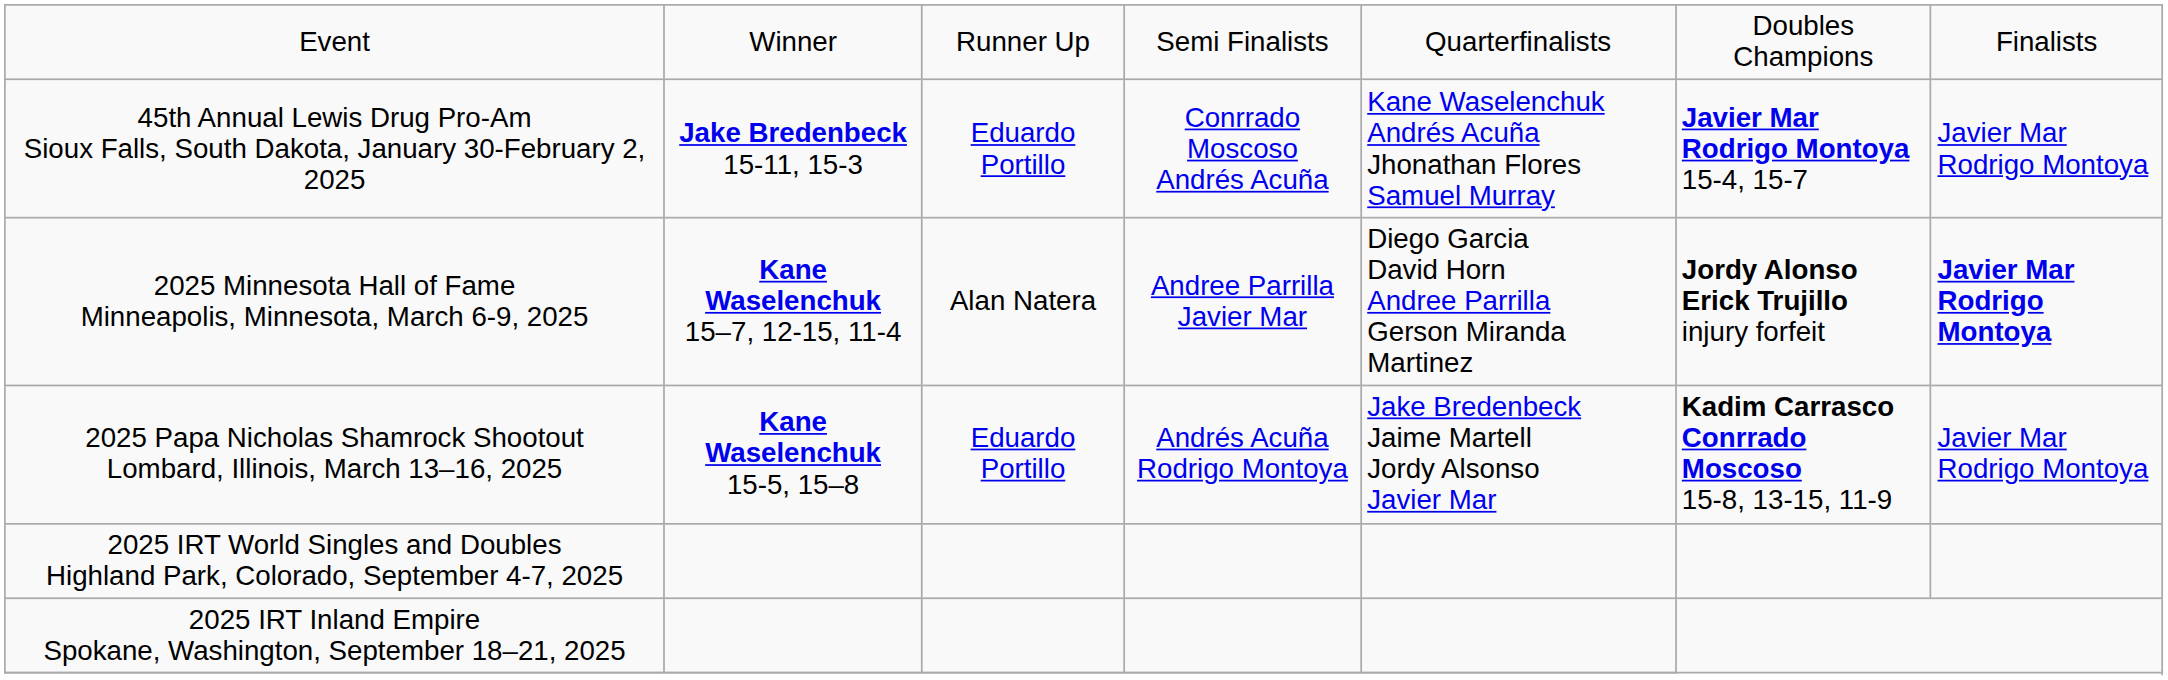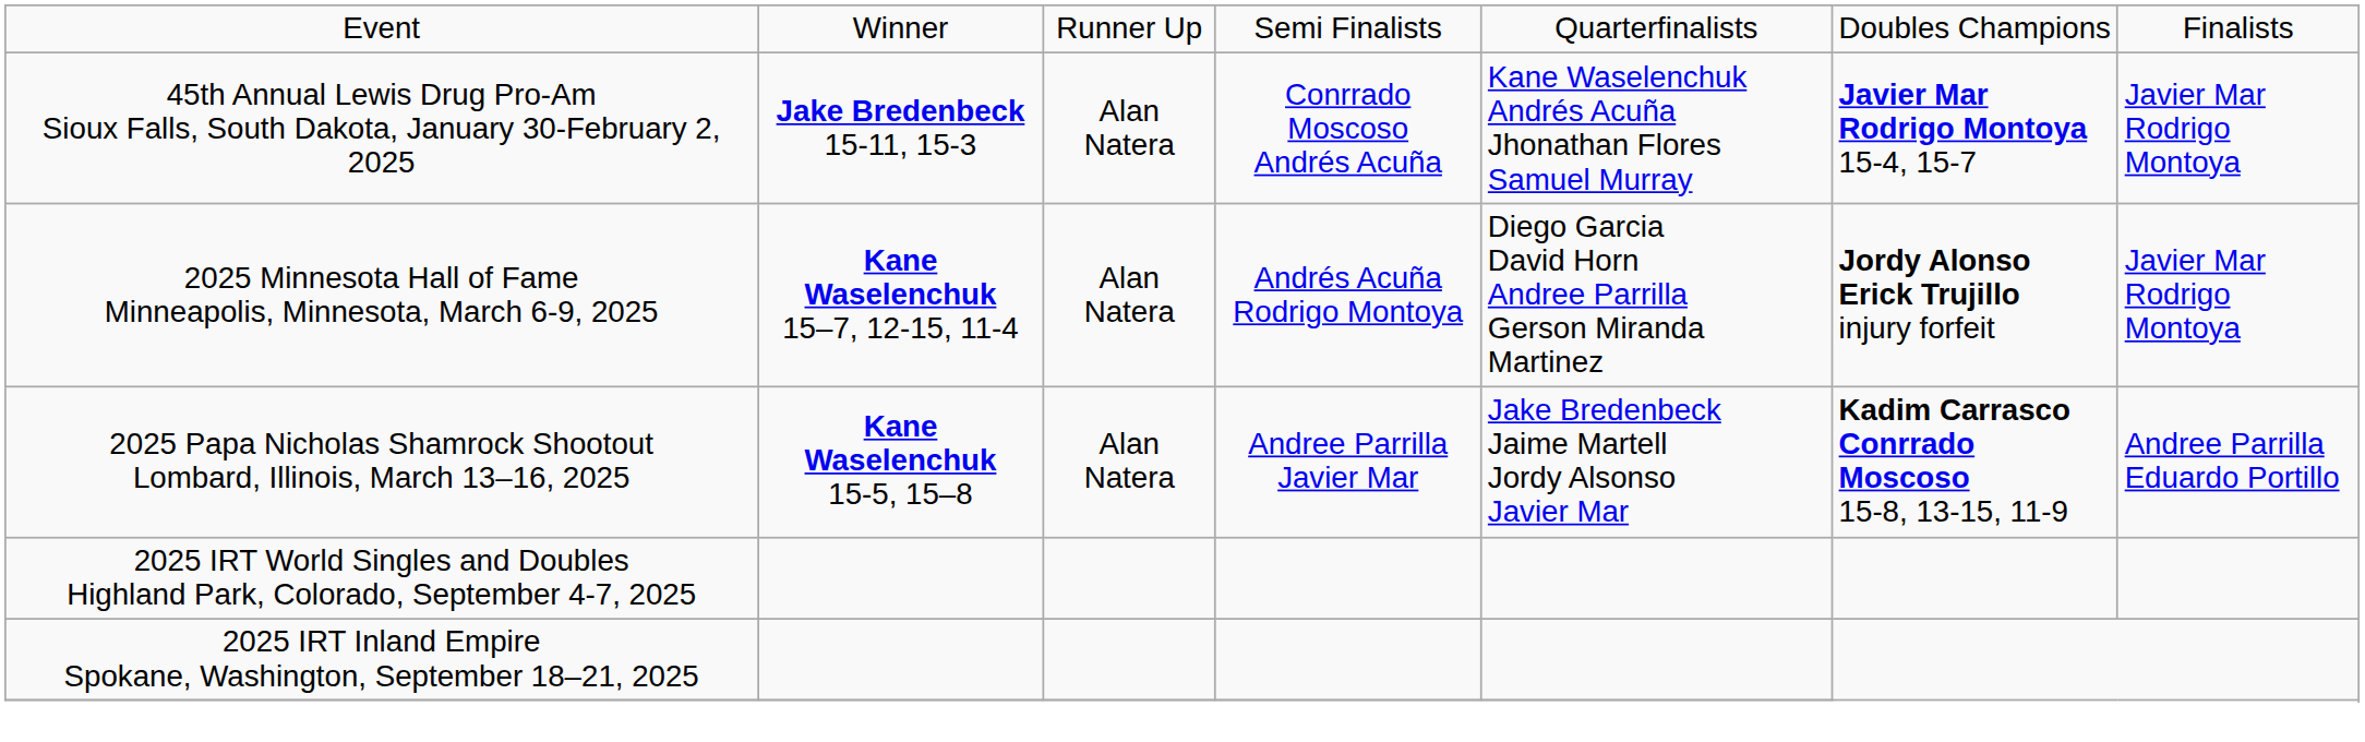 <table class="wikitable" | border="1" cellpadding="5" cellspacing="0">
 <tr>
 <td align=center>Event</td>
 <td align=center>Winner</td>
 <td align=center>Runner Up</td>
 <td align=center>Semi Finalists</td>
 <td align=center>Quarterfinalists</td>
 <td align=center>Doubles Champions</td>
 <td align=center>Finalists</td>
 </tr>
 <tr>
 <td align=center>45th Annual Lewis Drug Pro-Am<br>Sioux Falls, South Dakota, January 30-February 2, 2025</td>
 <td align=center> <strong><a href='#'>Jake Bredenbeck</a></strong><br>15-11, 15-3</td>
-<td align=center> <a href='#'>Eduardo Portillo</a></td>
+<td align=center> Alan Natera</td>
 <td align=center> <a href='#'>Conrrado Moscoso</a><br> <a href='#'>Andrés Acuña</a></td>
 <td align=left> <a href='#'>Kane Waselenchuk</a><br> <a href='#'>Andrés Acuña</a><br> Jhonathan Flores<br> <a href='#'>Samuel Murray</a></td>
 <td> <strong><a href='#'>Javier Mar</a></strong><br> <strong><a href='#'>Rodrigo Montoya</a></strong><br>15-4, 15-7</td>
 <td> <a href='#'>Javier Mar</a><br> <a href='#'>Rodrigo Montoya</a></td>
 </tr>
 <tr>
 <td align=center>2025 Minnesota Hall of Fame<br>Minneapolis, Minnesota, March 6-9, 2025</td>
 <td align=center> <strong><a href='#'>Kane Waselenchuk</a></strong><br>15–7, 12-15, 11-4</td>
 <td align=center> Alan Natera</td>
-<td align=center> <a href='#'>Andree Parrilla</a><br> <a href='#'>Javier Mar</a></td>
+<td align=center> <a href='#'>Andrés Acuña</a><br> <a href='#'>Rodrigo Montoya</a></td>
 <td align=left> Diego Garcia<br> David Horn<br> <a href='#'>Andree Parrilla</a><br> Gerson Miranda Martinez</td>
 <td> <strong>Jordy Alonso</strong><br> <strong>Erick Trujillo</strong><br>injury forfeit</td>
-<td><strong> <a href='#'>Javier Mar</a><br> <a href='#'>Rodrigo Montoya</a></strong></td>
+<td> <a href='#'>Javier Mar</a><br> <a href='#'>Rodrigo Montoya</a></td>
 </tr>
 <tr>
 <td align=center>2025 Papa Nicholas Shamrock Shootout<br>Lombard, Illinois, March 13–16, 2025</td>
 <td align=center> <strong><a href='#'>Kane Waselenchuk</a></strong><br>15-5, 15–8</td>
-<td align=center> <a href='#'>Eduardo Portillo</a></td>
-<td align=center> <a href='#'>Andrés Acuña</a><br> <a href='#'>Rodrigo Montoya</a></td>
+<td align=center> Alan Natera</td>
+<td align=center> <a href='#'>Andree Parrilla</a><br> <a href='#'>Javier Mar</a></td>
 <td align=left> <a href='#'>Jake Bredenbeck</a><br> Jaime Martell<br> Jordy Alsonso<br> <a href='#'>Javier Mar</a></td>
 <td> <strong>Kadim Carrasco</strong><br> <strong><a href='#'>Conrrado Moscoso</a></strong><br>15-8, 13-15, 11-9</td>
-<td> <a href='#'>Javier Mar</a><br> <a href='#'>Rodrigo Montoya</a></td>
+<td> <a href='#'>Andree Parrilla</a><br> <a href='#'>Eduardo Portillo</a></td>
 </tr>
 <tr>
 <td align=center>2025 IRT World Singles and Doubles<br>Highland Park, Colorado, September 4-7, 2025</td>
 <td align=center></td>
 <td align=center></td>
 <td align=center></td>
 <td align=left></td>
 <td></td>
 <td></td>
 </tr>
 <tr>
 <td align=center>2025 IRT Inland Empire<br>Spokane, Washington, September 18–21, 2025</td>
 <td align=center></td>
 <td align=center></td>
 <td align=center></td>
 <td align=left></td>
 </tr>
 <tr>
 </tr>
 </table>
